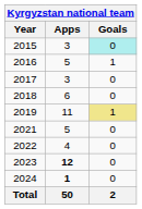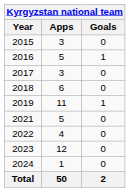 <table class="wikitable" style="text-align:center">
 <tr>
 <th colspan=3><a href='#'>Kyrgyzstan national team</a></th>
 </tr>
 <tr>
 <th>Year</th>
 <th>Apps</th>
 <th>Goals</th>
 </tr>
 <tr>
 <td>2015</td>
 <td>3</td>
-<td style="background: paleturquoise;">0</td>
+<td>0</td>
 </tr>
 <tr>
 <td>2016</td>
 <td>5</td>
 <td>1</td>
 </tr>
 <tr>
 <td>2017</td>
 <td>3</td>
 <td>0</td>
 </tr>
 <tr>
 <td>2018</td>
 <td>6</td>
 <td>0</td>
 </tr>
 <tr>
 <td>2019</td>
 <td>11</td>
-<td style="background: khaki;">1</td>
+<td>1</td>
 </tr>
 <tr>
 <td>2021</td>
 <td>5</td>
 <td>0</td>
 </tr>
 <tr>
 <td>2022</td>
 <td>4</td>
 <td>0</td>
 </tr>
 <tr>
 <td>2023</td>
-<td><strong>12</strong></td>
+<td>12</td>
 <td>0</td>
 </tr>
 <tr>
 <td>2024</td>
-<td><strong>1</strong></td>
+<td>1</td>
 <td>0</td>
 </tr>
 <tr>
 <th>Total</th>
 <th>50</th>
 <th>2</th>
 </tr>
 </table>
